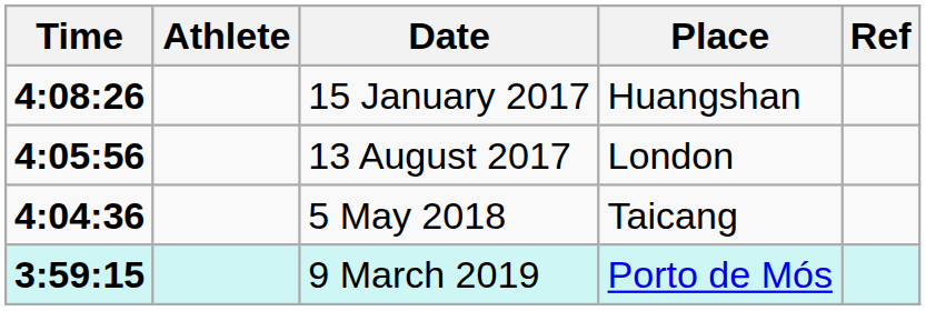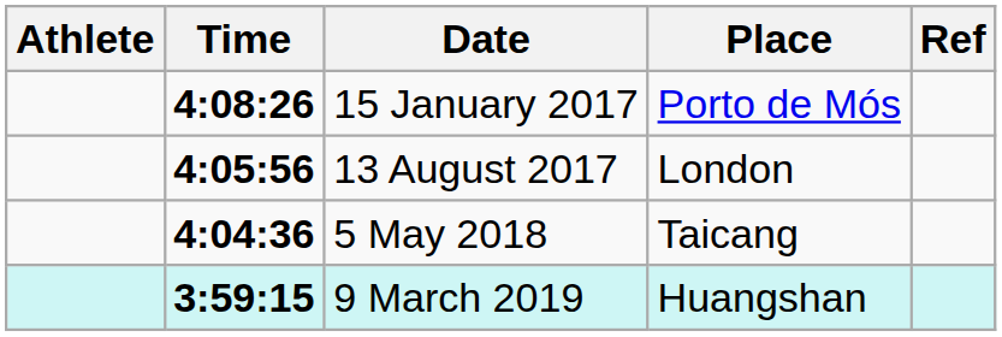 <table class="wikitable" style="font-size:95%">
 <tr>
+<th>Athlete</th>
 <th>Time</th>
-<th>Athlete</th>
 <th>Date</th>
 <th>Place</th>
 <th>Ref</th>
 </tr>
 <tr>
+<td></td>
 <td align=center><strong>4:08:26</strong></td>
-<td></td>
 <td>15 January 2017</td>
-<td>Huangshan</td>
+<td><a href='#'>Porto de Mós</a></td>
 <td></td>
 </tr>
 <tr>
+<td></td>
 <td align=center><strong>4:05:56</strong></td>
-<td></td>
 <td>13 August 2017</td>
 <td>London</td>
 <td></td>
 </tr>
 <tr>
+<td></td>
 <td align=center><strong>4:04:36</strong></td>
-<td></td>
 <td>5 May 2018</td>
 <td>Taicang</td>
 <td></td>
 </tr>
 <tr bgcolor=#CEF6F5>
+<td></td>
 <td align=center><strong>3:59:15</strong></td>
-<td></td>
 <td>9 March 2019</td>
-<td><a href='#'>Porto de Mós</a></td>
+<td>Huangshan</td>
 <td></td>
 </tr>
 </table>
